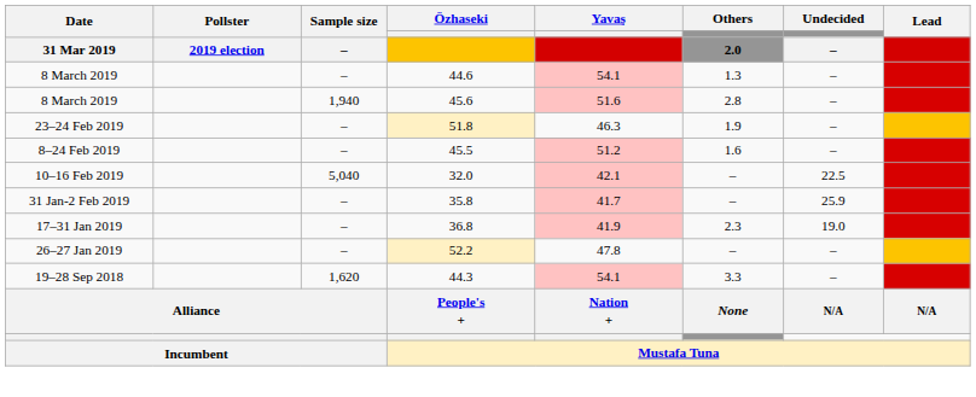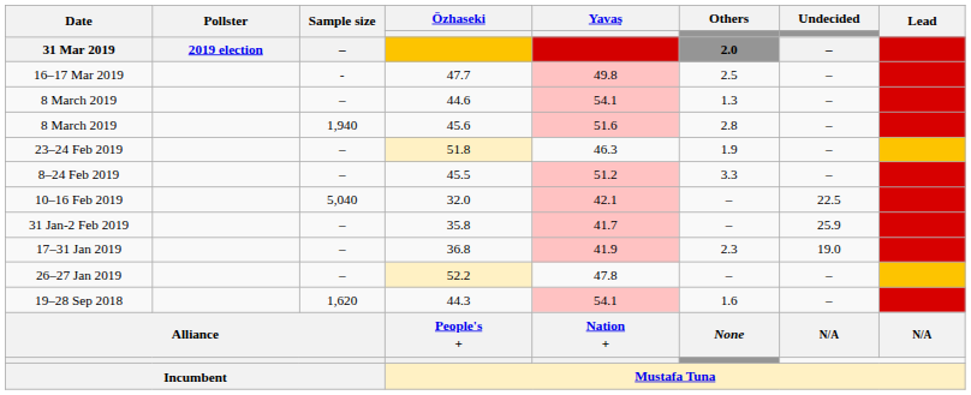 <table class="wikitable" style="text-align:center; font-size:90%; line-height:20px;">
 <tr>
 <th rowspan=2 width="150px">Date</th>
 <th rowspan=2 width="150px">Pollster</th>
 <th rowspan=2 width="85px">Sample size</th>
 <th width=150><a href='#'>Özhaseki</a></th>
 <th width=150><a href='#'>Yavaş</a></th>
 <th width=100>Others</th>
 <th width=100>Undecided</th>
 <th width=85 rowspan=2>Lead</th>
 </tr>
 <tr>
 <th style="background: "></th>
 <th style="background: "></th>
 <th style="background: #959595"></th>
 <th style="background: #959595"></th>
 </tr>
 <tr>
 <th>31 Mar 2019</th>
 <th><a href='#'>2019 election</a></th>
 <th>–</th>
 <th style="background: #Fdc400"></th>
 <th style="background: #d40000"></th>
 <th style="background: #959595">2.0</th>
 <th>–</th>
 <th style="background: #d40000"></th>
+</tr>
+<tr>
+<td>16–17 Mar 2019</td>
+<td></td>
+<td>-</td>
+<td>47.7</td>
+<td style="background: #FFC2C2">49.8</td>
+<td>2.5</td>
+<td>–</td>
+<td style="background: #d70000"></td>
 </tr>
 <tr>
 <td>8 March 2019</td>
 <td></td>
 <td>–</td>
 <td>44.6</td>
 <td style="background: #FFC2C2">54.1</td>
 <td>1.3</td>
 <td>–</td>
 <td style="background: #d70000"></td>
 </tr>
 <tr>
 <td>8 March 2019</td>
 <td></td>
 <td>1,940</td>
 <td>45.6</td>
 <td style="background: #FFC2C2">51.6</td>
 <td>2.8</td>
 <td>–</td>
 <td style="background: #d70000"></td>
 </tr>
 <tr>
 <td>23–24 Feb 2019</td>
 <td></td>
 <td>–</td>
 <td style="background: #FFF1C4">51.8</td>
 <td>46.3</td>
 <td>1.9</td>
 <td>–</td>
 <td style="background: #fdc400"></td>
 </tr>
 <tr>
 <td>8–24 Feb 2019</td>
 <td></td>
 <td>–</td>
 <td>45.5</td>
 <td style="background: #FFC2C2">51.2</td>
-<td>1.6</td>
+<td>3.3</td>
 <td>–</td>
 <td style="background: #d70000"></td>
 </tr>
 <tr>
 <td>10–16 Feb 2019</td>
 <td></td>
 <td>5,040</td>
 <td>32.0</td>
 <td style="background: #FFC2C2">42.1</td>
 <td>–</td>
 <td>22.5</td>
 <td style="background: #d70000"></td>
 </tr>
 <tr>
 <td>31 Jan-2 Feb 2019</td>
 <td></td>
 <td>–</td>
 <td>35.8</td>
 <td style="background: #FFC2C2">41.7</td>
 <td>–</td>
 <td>25.9</td>
 <td style="background: #d70000"></td>
 </tr>
 <tr>
 <td>17–31 Jan 2019</td>
 <td></td>
 <td>–</td>
 <td>36.8</td>
 <td style="background: #FFC2C2">41.9</td>
 <td>2.3</td>
 <td>19.0</td>
 <td style="background: #d70000"></td>
 </tr>
 <tr>
 <td>26–27 Jan 2019</td>
 <td></td>
 <td>–</td>
 <td style="background: #FFF1C4">52.2</td>
 <td>47.8</td>
 <td>–</td>
 <td>–</td>
 <td style="background: #fdc400"></td>
 </tr>
 <tr>
 <td>19–28 Sep 2018</td>
 <td></td>
 <td>1,620</td>
 <td>44.3</td>
 <td style="background: #FFC2C2">54.1</td>
-<td>3.3</td>
+<td>1.6</td>
 <td>–</td>
 <td style="background: #d70000"></td>
 </tr>
 <tr>
 <th colspan=3>Alliance</th>
 <th width=150><a href='#'>People's</a><br><small></small> + <small></small></th>
 <th width=150><a href='#'>Nation</a><br><small></small> + <small></small></th>
 <th width=100><em>None</em></th>
 <th width=100><small>N/A</small></th>
 <th width=85><small>N/A</small></th>
 </tr>
 <tr>
 <th colspan=3></th>
 <th style="background: "></th>
 <th style="background: "></th>
 <th style="background: #959595"></th>
 </tr>
 <tr>
 <th colspan=3>Incumbent</th>
 <th style="background: #FFF1C4" colspan=5><a href='#'>Mustafa Tuna</a> <small></small></th>
 </tr>
 </table>
